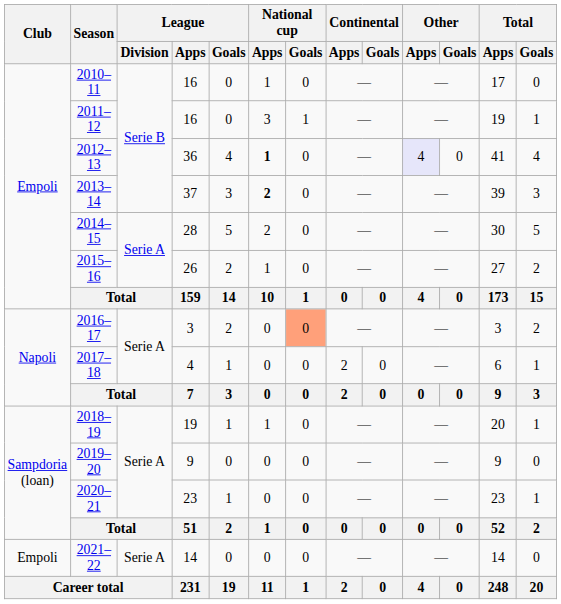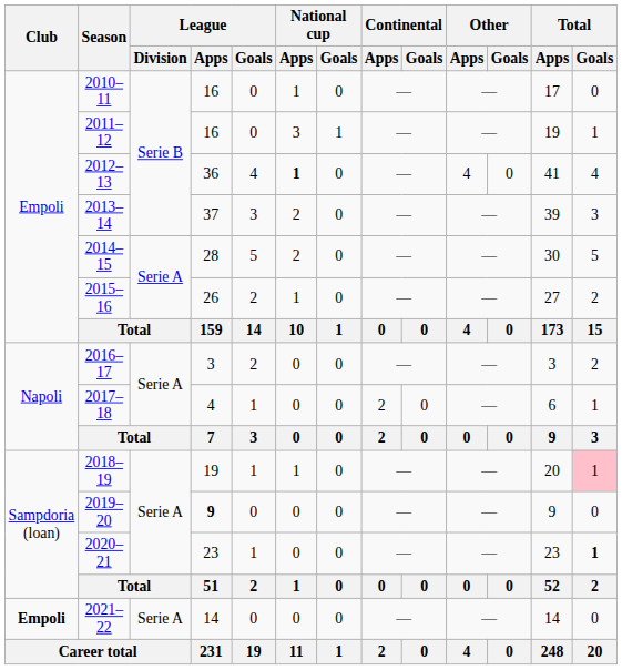 <table class="wikitable" style="text-align: center">
 <tr>
 <th rowspan="2">Club</th>
 <th rowspan="2">Season</th>
 <th colspan="3">League</th>
 <th colspan="2">National cup</th>
 <th colspan="2">Continental</th>
 <th colspan="2">Other</th>
 <th colspan="2">Total</th>
 </tr>
 <tr>
 <th>Division</th>
 <th>Apps</th>
 <th>Goals</th>
 <th>Apps</th>
 <th>Goals</th>
 <th>Apps</th>
 <th>Goals</th>
 <th>Apps</th>
 <th>Goals</th>
 <th>Apps</th>
 <th>Goals</th>
 </tr>
 <tr>
 <td rowspan="7"><a href='#'>Empoli</a></td>
 <td><a href='#'>2010–11</a></td>
 <td rowspan="4"><a href='#'>Serie B</a></td>
 <td>16</td>
 <td>0</td>
 <td>1</td>
 <td>0</td>
 <td colspan="2“">—</td>
 <td colspan="2“">—</td>
 <td>17</td>
 <td>0</td>
 </tr>
 <tr>
 <td><a href='#'>2011–12</a></td>
 <td>16</td>
 <td>0</td>
 <td>3</td>
 <td>1</td>
 <td colspan="2“">—</td>
 <td colspan="2“">—</td>
 <td>19</td>
 <td>1</td>
 </tr>
 <tr>
 <td><a href='#'>2012–13</a></td>
 <td>36</td>
 <td>4</td>
 <td><strong>1</strong></td>
 <td>0</td>
 <td colspan="2“">—</td>
-<td style="background: lavender;">4</td>
+<td>4</td>
 <td>0</td>
 <td>41</td>
 <td>4</td>
 </tr>
 <tr>
 <td><a href='#'>2013–14</a></td>
 <td>37</td>
 <td>3</td>
-<td><strong>2</strong></td>
+<td>2</td>
 <td>0</td>
 <td colspan="2“">—</td>
 <td colspan="2“">—</td>
 <td>39</td>
 <td>3</td>
 </tr>
 <tr>
 <td><a href='#'>2014–15</a></td>
 <td rowspan="2"><a href='#'>Serie A</a></td>
 <td>28</td>
 <td>5</td>
 <td>2</td>
 <td>0</td>
 <td colspan="2“">—</td>
 <td colspan="2“">—</td>
 <td>30</td>
 <td>5</td>
 </tr>
 <tr>
 <td><a href='#'>2015–16</a></td>
 <td>26</td>
 <td>2</td>
 <td>1</td>
 <td>0</td>
 <td colspan="2“">—</td>
 <td colspan="2“">—</td>
 <td>27</td>
 <td>2</td>
 </tr>
 <tr>
 <th colspan="2">Total</th>
 <th>159</th>
 <th>14</th>
 <th>10</th>
 <th>1</th>
 <th>0</th>
 <th>0</th>
 <th>4</th>
 <th>0</th>
 <th>173</th>
 <th>15</th>
 </tr>
 <tr>
 <td rowspan="3"><a href='#'>Napoli</a></td>
 <td><a href='#'>2016–17</a></td>
 <td rowspan="2">Serie A</td>
 <td>3</td>
 <td>2</td>
 <td>0</td>
-<td style="background: lightsalmon;">0</td>
+<td>0</td>
 <td colspan="2“">—</td>
 <td colspan="2“">—</td>
 <td>3</td>
 <td>2</td>
 </tr>
 <tr>
 <td><a href='#'>2017–18</a></td>
 <td>4</td>
 <td>1</td>
 <td>0</td>
 <td>0</td>
 <td>2</td>
 <td>0</td>
 <td colspan="2“">—</td>
 <td>6</td>
 <td>1</td>
 </tr>
 <tr>
 <th colspan="2">Total</th>
 <th>7</th>
 <th>3</th>
 <th>0</th>
 <th>0</th>
 <th>2</th>
 <th>0</th>
 <th>0</th>
 <th>0</th>
 <th>9</th>
 <th>3</th>
 </tr>
 <tr>
 <td rowspan="4"><a href='#'>Sampdoria</a> (loan)</td>
 <td><a href='#'>2018–19</a></td>
 <td rowspan="3">Serie A</td>
 <td>19</td>
 <td>1</td>
 <td>1</td>
 <td>0</td>
 <td colspan="2“">—</td>
 <td colspan="2“">—</td>
 <td>20</td>
-<td>1</td>
+<td style="background: pink;">1</td>
 </tr>
 <tr>
 <td><a href='#'>2019–20</a></td>
-<td>9</td>
+<td><strong>9</strong></td>
 <td>0</td>
 <td>0</td>
 <td>0</td>
 <td colspan="2“">—</td>
 <td colspan="2“">—</td>
 <td>9</td>
 <td>0</td>
 </tr>
 <tr>
 <td><a href='#'>2020–21</a></td>
 <td>23</td>
 <td>1</td>
 <td>0</td>
 <td>0</td>
 <td colspan="2“">—</td>
 <td colspan="2“">—</td>
 <td>23</td>
-<td>1</td>
+<td><strong>1</strong></td>
 </tr>
 <tr>
 <th colspan="2">Total</th>
 <th>51</th>
 <th>2</th>
 <th>1</th>
 <th>0</th>
 <th>0</th>
 <th>0</th>
 <th>0</th>
 <th>0</th>
 <th>52</th>
 <th>2</th>
 </tr>
 <tr>
-<td>Empoli</td>
+<td><strong>Empoli</strong></td>
 <td><a href='#'>2021–22</a></td>
 <td>Serie A</td>
 <td>14</td>
 <td>0</td>
 <td>0</td>
 <td>0</td>
 <td colspan="2“">—</td>
 <td colspan="2“">—</td>
 <td>14</td>
 <td>0</td>
 </tr>
 <tr>
 <th colspan="3">Career total</th>
 <th>231</th>
 <th>19</th>
 <th>11</th>
 <th>1</th>
 <th>2</th>
 <th>0</th>
 <th>4</th>
 <th>0</th>
 <th>248</th>
 <th>20</th>
 </tr>
 </table>
